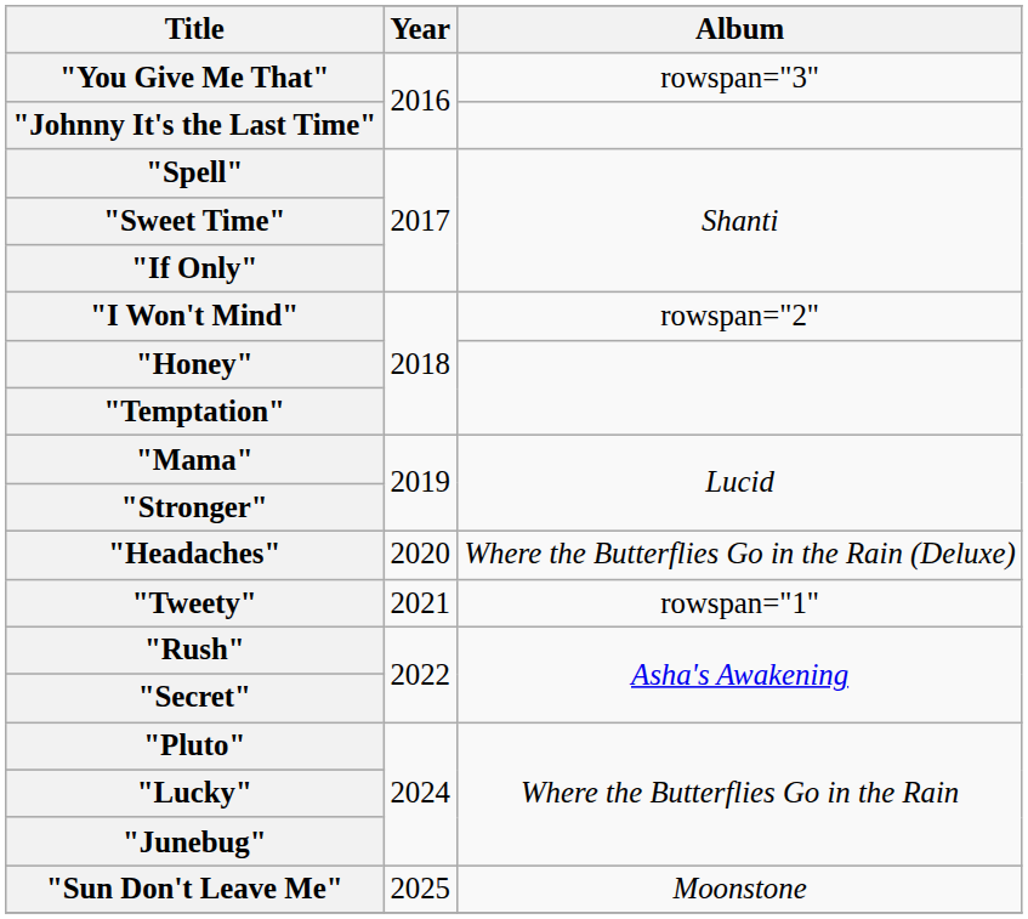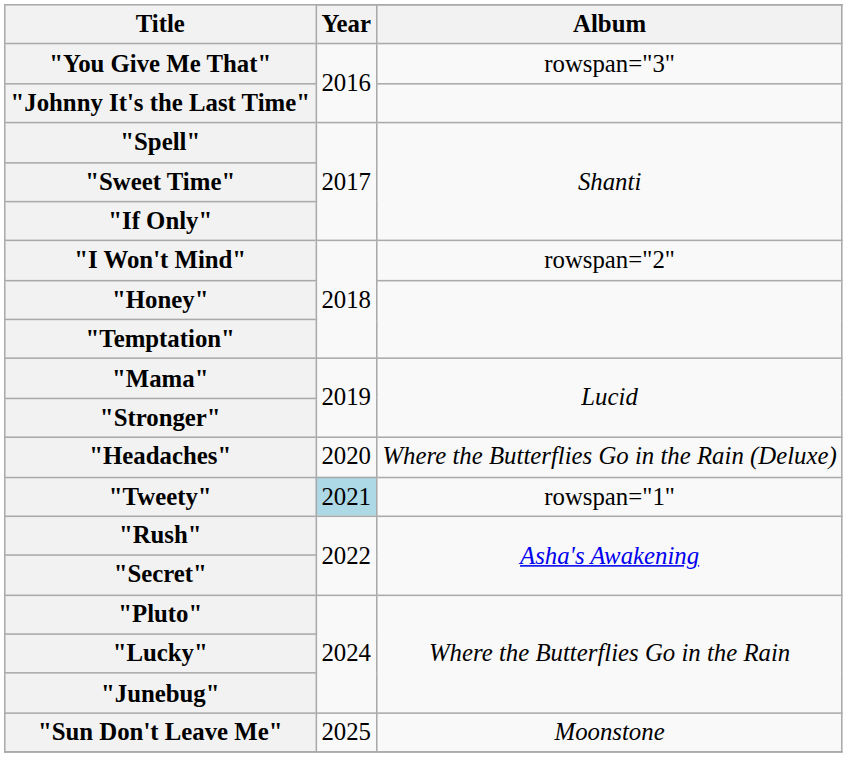 <table class="wikitable plainrowheaders" style="text-align:center;">
 <tr>
 <th scope="col" rowspan="2">Title</th>
 </tr>
 <tr>
 <th scope="col" rowspan="1">Year</th>
 <th scope="col" rowspan="1">Album</th>
 </tr>
 <tr>
 <th scope="row">"You Give Me That"</th>
 <td rowspan="2">2016</td>
 <td>rowspan="3" </td>
 </tr>
 <tr>
 <th scope="row">"Johnny It's the Last Time"</th>
 </tr>
 <tr>
 <th scope="row">"Spell"</th>
 <td rowspan="3">2017</td>
 <td rowspan="3"><em>Shanti</em></td>
 </tr>
 <tr>
 <th scope="row">"Sweet Time"</th>
 </tr>
 <tr>
 <th scope="row">"If Only"</th>
 </tr>
 <tr>
 <th scope="row">"I Won't Mind"</th>
 <td rowspan="3">2018</td>
 <td>rowspan="2" </td>
 </tr>
 <tr>
 <th scope="row">"Honey"</th>
 </tr>
 <tr>
 <th scope="row">"Temptation"</th>
 </tr>
 <tr>
 <th scope="row">"Mama"</th>
 <td rowspan="2">2019</td>
 <td rowspan="2"><em>Lucid</em></td>
 </tr>
 <tr>
 <th scope="row">"Stronger"</th>
 </tr>
 <tr>
 <th scope="row">"Headaches"</th>
 <td rowspan="1">2020</td>
 <td rowspan="1"><em>Where the Butterflies Go in the Rain (Deluxe)</em></td>
 </tr>
 <tr>
 <th scope="row">"Tweety"</th>
-<td rowspan="1">2021</td>
+<td rowspan="1" style="background: lightblue;">2021</td>
 <td>rowspan="1" </td>
 </tr>
 <tr>
 <th scope="row">"Rush"</th>
 <td rowspan="2">2022</td>
 <td rowspan="2"><em><a href='#'>Asha's Awakening</a></em></td>
 </tr>
 <tr>
 <th scope="row">"Secret"<br></th>
 </tr>
 <tr>
 <th scope="row">"Pluto"</th>
 <td rowspan="3">2024</td>
 <td rowspan="3"><em>Where the Butterflies Go in the Rain</em></td>
 </tr>
 <tr>
 <th scope="row">"Lucky"</th>
 </tr>
 <tr>
 <th scope="row">"Junebug"<br></th>
 </tr>
 <tr>
 <th scope="row">"Sun Don't Leave Me"</th>
 <td rowspan="1">2025</td>
 <td rowspan="1"><em>Moonstone</em></td>
 </tr>
 <tr>
 </tr>
 </table>
